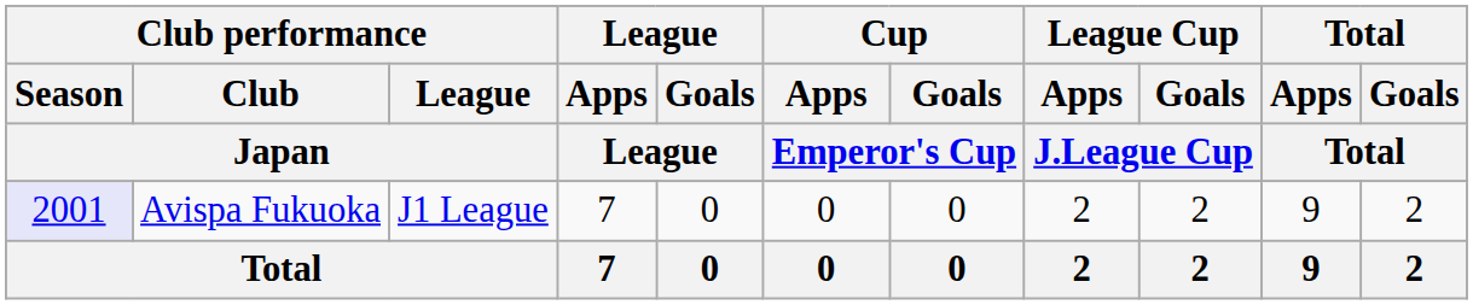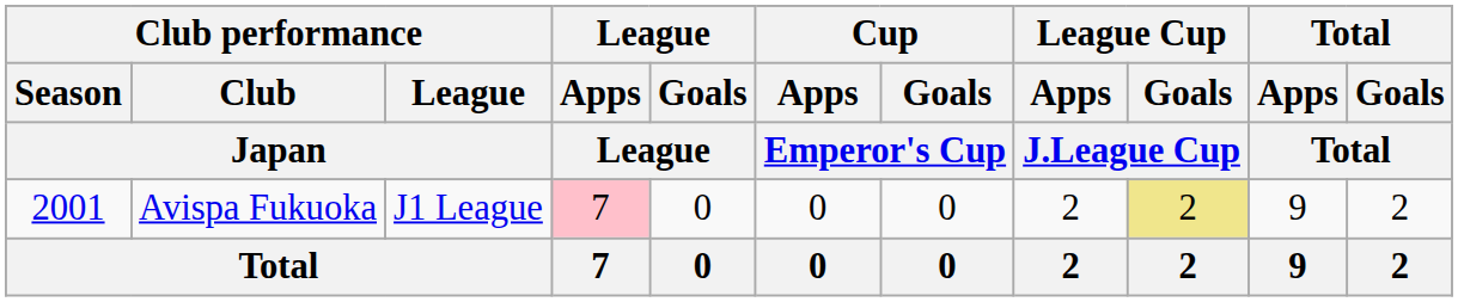 <table class="wikitable" style="text-align:center;">
 <tr>
 <th colspan=3>Club performance</th>
 <th colspan=2>League</th>
 <th colspan=2>Cup</th>
 <th colspan=2>League Cup</th>
 <th colspan=2>Total</th>
 </tr>
 <tr>
 <th>Season</th>
 <th>Club</th>
 <th>League</th>
 <th>Apps</th>
 <th>Goals</th>
 <th>Apps</th>
 <th>Goals</th>
 <th>Apps</th>
 <th>Goals</th>
 <th>Apps</th>
 <th>Goals</th>
 </tr>
 <tr>
 <th colspan=3>Japan</th>
 <th colspan=2>League</th>
 <th colspan=2><a href='#'>Emperor's Cup</a></th>
 <th colspan=2><a href='#'>J.League Cup</a></th>
 <th colspan=2>Total</th>
 </tr>
 <tr>
-<td style="background: lavender;"><a href='#'>2001</a></td>
+<td><a href='#'>2001</a></td>
 <td><a href='#'>Avispa Fukuoka</a></td>
 <td><a href='#'>J1 League</a></td>
-<td>7</td>
+<td style="background: pink;">7</td>
 <td>0</td>
 <td>0</td>
 <td>0</td>
 <td>2</td>
-<td>2</td>
+<td style="background: khaki;">2</td>
 <td>9</td>
 <td>2</td>
 </tr>
 <tr>
 <th colspan=3>Total</th>
 <th>7</th>
 <th>0</th>
 <th>0</th>
 <th>0</th>
 <th>2</th>
 <th>2</th>
 <th>9</th>
 <th>2</th>
 </tr>
 </table>
